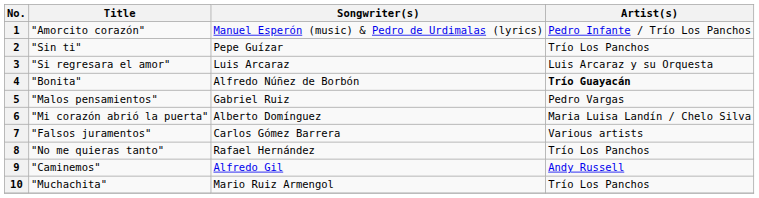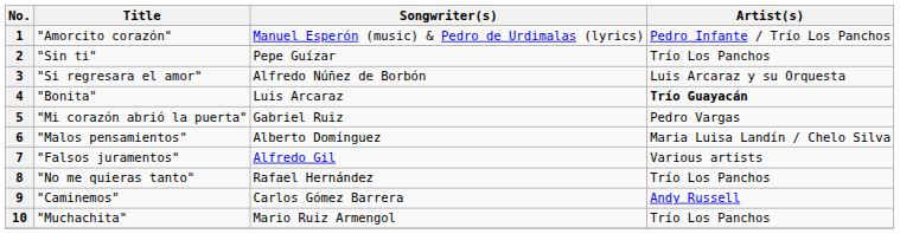 <table class="wikitable sortable" style="text-align: left">
 <tr>
 <th scope="col">No.</th>
 <th scope="col">Title</th>
 <th scope="col">Songwriter(s)</th>
 <th scope="col">Artist(s)</th>
 </tr>
 <tr>
 <th scope="row">1</th>
 <td>"Amorcito corazón"</td>
 <td><a href='#'>Manuel Esperón</a> (music) & <a href='#'>Pedro de Urdimalas</a> (lyrics)</td>
 <td><a href='#'>Pedro Infante</a> / Trío Los Panchos</td>
 </tr>
 <tr>
 <th scope="row">2</th>
 <td>"Sin ti"</td>
 <td>Pepe Guízar</td>
 <td>Trío Los Panchos</td>
 </tr>
 <tr>
 <th scope="row">3</th>
 <td>"Si regresara el amor"</td>
-<td>Luis Arcaraz</td>
+<td>Alfredo Núñez de Borbón</td>
 <td>Luis Arcaraz y su Orquesta</td>
 </tr>
 <tr>
 <th scope="row">4</th>
 <td>"Bonita"</td>
-<td>Alfredo Núñez de Borbón</td>
+<td>Luis Arcaraz</td>
 <td><strong>Trío Guayacán</strong></td>
 </tr>
 <tr>
 <th scope="row">5</th>
-<td>"Malos pensamientos"</td>
+<td>"Mi corazón abrió la puerta"</td>
 <td>Gabriel Ruiz</td>
 <td>Pedro Vargas</td>
 </tr>
 <tr>
 <th scope="row">6</th>
-<td>"Mi corazón abrió la puerta"</td>
+<td>"Malos pensamientos"</td>
 <td>Alberto Domínguez</td>
 <td>Maria Luisa Landín / Chelo Silva</td>
 </tr>
 <tr>
 <th scope="row">7</th>
 <td>"Falsos juramentos"</td>
-<td>Carlos Gómez Barrera</td>
+<td><a href='#'>Alfredo Gil</a></td>
 <td>Various artists</td>
 </tr>
 <tr>
 <th scope="row">8</th>
 <td>"No me quieras tanto"</td>
 <td>Rafael Hernández</td>
 <td>Trío Los Panchos</td>
 </tr>
 <tr>
 <th scope="row">9</th>
 <td>"Caminemos"</td>
-<td><a href='#'>Alfredo Gil</a></td>
+<td>Carlos Gómez Barrera</td>
 <td><a href='#'>Andy Russell</a></td>
 </tr>
 <tr>
 <th scope="row">10</th>
 <td>"Muchachita"</td>
 <td>Mario Ruiz Armengol</td>
 <td>Trío Los Panchos</td>
 </tr>
 <tr>
 </tr>
 </table>
